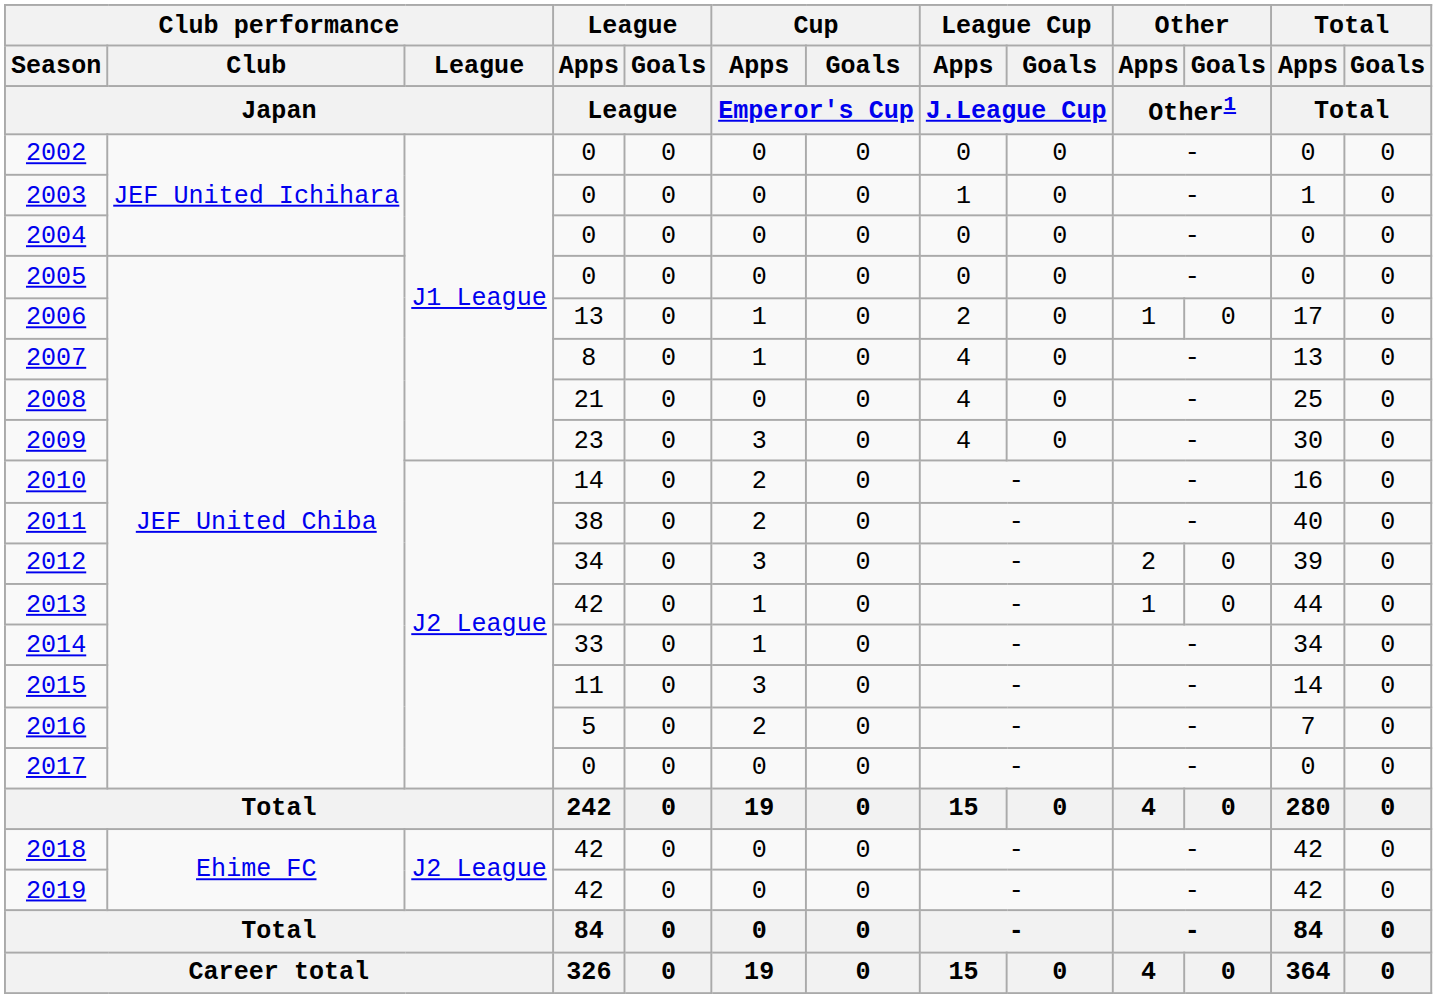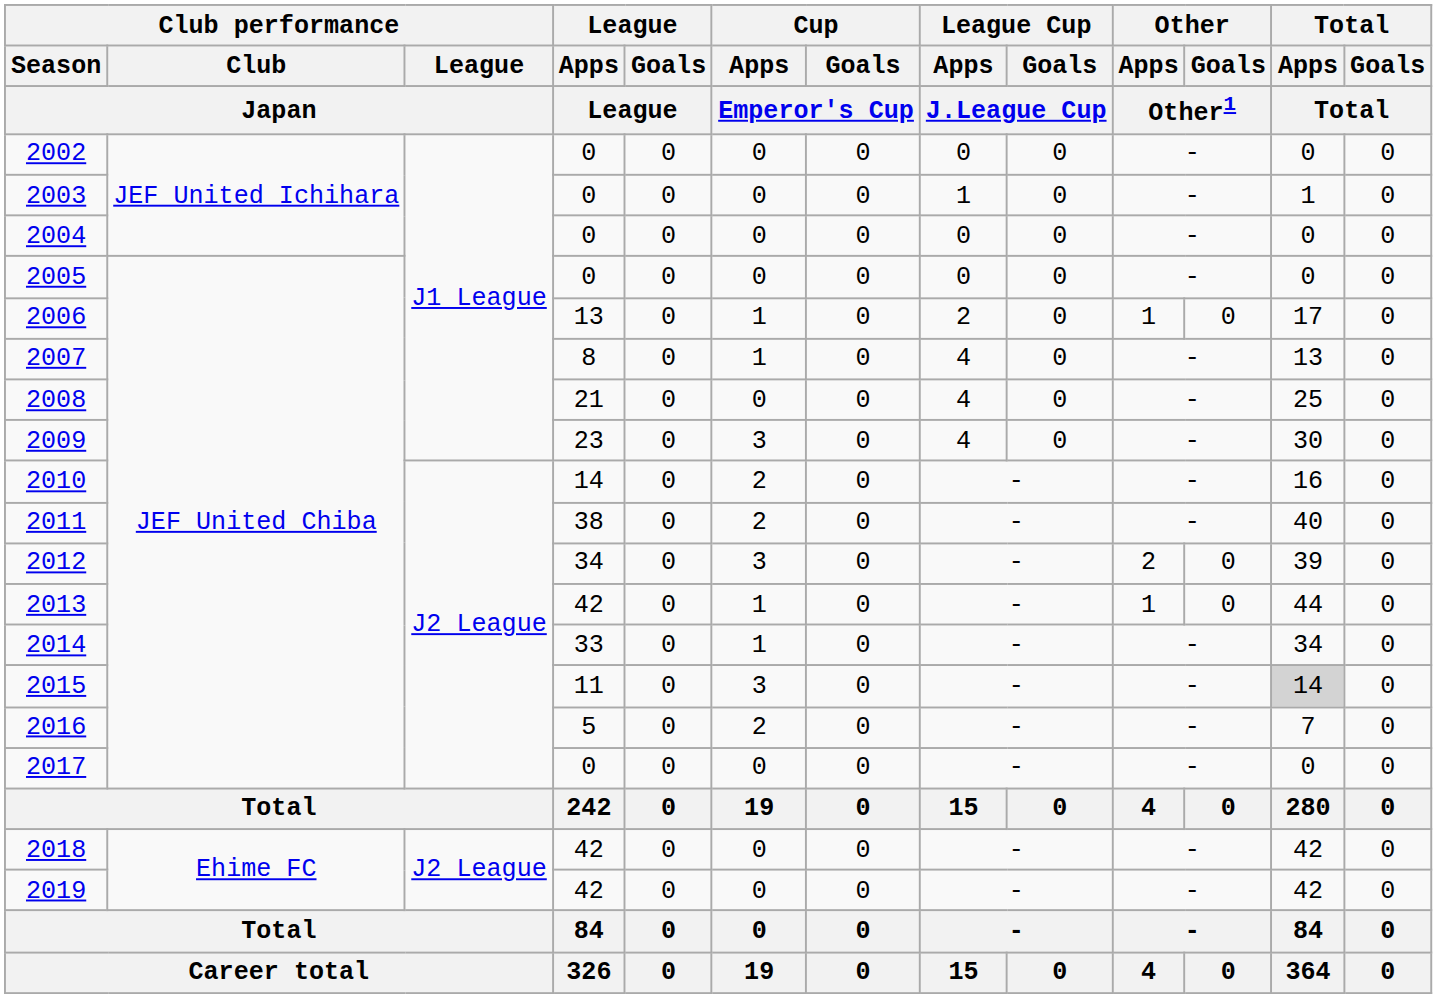 <table class="wikitable" style="text-align:center;">
 <tr>
 <th colspan=3>Club performance</th>
 <th colspan=2>League</th>
 <th colspan=2>Cup</th>
 <th colspan=2>League Cup</th>
 <th colspan=2>Other</th>
 <th colspan=2>Total</th>
 </tr>
 <tr>
 <th>Season</th>
 <th>Club</th>
 <th>League</th>
 <th>Apps</th>
 <th>Goals</th>
 <th>Apps</th>
 <th>Goals</th>
 <th>Apps</th>
 <th>Goals</th>
 <th>Apps</th>
 <th>Goals</th>
 <th>Apps</th>
 <th>Goals</th>
 </tr>
 <tr>
 <th colspan=3>Japan</th>
 <th colspan=2>League</th>
 <th colspan=2><a href='#'>Emperor's Cup</a></th>
 <th colspan=2><a href='#'>J.League Cup</a></th>
 <th colspan="2">Other<sup><a href='#'>1</a></sup></th>
 <th colspan=2>Total</th>
 </tr>
 <tr>
 <td><a href='#'>2002</a></td>
 <td rowspan="3"><a href='#'>JEF United Ichihara</a></td>
 <td rowspan="8"><a href='#'>J1 League</a></td>
 <td>0</td>
 <td>0</td>
 <td>0</td>
 <td>0</td>
 <td>0</td>
 <td>0</td>
 <td colspan="2">-</td>
 <td>0</td>
 <td>0</td>
 </tr>
 <tr>
 <td><a href='#'>2003</a></td>
 <td>0</td>
 <td>0</td>
 <td>0</td>
 <td>0</td>
 <td>1</td>
 <td>0</td>
 <td colspan="2">-</td>
 <td>1</td>
 <td>0</td>
 </tr>
 <tr>
 <td><a href='#'>2004</a></td>
 <td>0</td>
 <td>0</td>
 <td>0</td>
 <td>0</td>
 <td>0</td>
 <td>0</td>
 <td colspan="2">-</td>
 <td>0</td>
 <td>0</td>
 </tr>
 <tr>
 <td><a href='#'>2005</a></td>
 <td rowspan="13"><a href='#'>JEF United Chiba</a></td>
 <td>0</td>
 <td>0</td>
 <td>0</td>
 <td>0</td>
 <td>0</td>
 <td>0</td>
 <td colspan="2">-</td>
 <td>0</td>
 <td>0</td>
 </tr>
 <tr>
 <td><a href='#'>2006</a></td>
 <td>13</td>
 <td>0</td>
 <td>1</td>
 <td>0</td>
 <td>2</td>
 <td>0</td>
 <td>1</td>
 <td>0</td>
 <td>17</td>
 <td>0</td>
 </tr>
 <tr>
 <td><a href='#'>2007</a></td>
 <td>8</td>
 <td>0</td>
 <td>1</td>
 <td>0</td>
 <td>4</td>
 <td>0</td>
 <td colspan="2">-</td>
 <td>13</td>
 <td>0</td>
 </tr>
 <tr>
 <td><a href='#'>2008</a></td>
 <td>21</td>
 <td>0</td>
 <td>0</td>
 <td>0</td>
 <td>4</td>
 <td>0</td>
 <td colspan="2">-</td>
 <td>25</td>
 <td>0</td>
 </tr>
 <tr>
 <td><a href='#'>2009</a></td>
 <td>23</td>
 <td>0</td>
 <td>3</td>
 <td>0</td>
 <td>4</td>
 <td>0</td>
 <td colspan="2">-</td>
 <td>30</td>
 <td>0</td>
 </tr>
 <tr>
 <td><a href='#'>2010</a></td>
 <td rowspan="8"><a href='#'>J2 League</a></td>
 <td>14</td>
 <td>0</td>
 <td>2</td>
 <td>0</td>
 <td colspan="2">-</td>
 <td colspan="2">-</td>
 <td>16</td>
 <td>0</td>
 </tr>
 <tr>
 <td><a href='#'>2011</a></td>
 <td>38</td>
 <td>0</td>
 <td>2</td>
 <td>0</td>
 <td colspan="2">-</td>
 <td colspan="2">-</td>
 <td>40</td>
 <td>0</td>
 </tr>
 <tr>
 <td><a href='#'>2012</a></td>
 <td>34</td>
 <td>0</td>
 <td>3</td>
 <td>0</td>
 <td colspan="2">-</td>
 <td>2</td>
 <td>0</td>
 <td>39</td>
 <td>0</td>
 </tr>
 <tr>
 <td><a href='#'>2013</a></td>
 <td>42</td>
 <td>0</td>
 <td>1</td>
 <td>0</td>
 <td colspan="2">-</td>
 <td>1</td>
 <td>0</td>
 <td>44</td>
 <td>0</td>
 </tr>
 <tr>
 <td><a href='#'>2014</a></td>
 <td>33</td>
 <td>0</td>
 <td>1</td>
 <td>0</td>
 <td colspan="2">-</td>
 <td colspan="2">-</td>
 <td>34</td>
 <td>0</td>
 </tr>
 <tr>
 <td><a href='#'>2015</a></td>
 <td>11</td>
 <td>0</td>
 <td>3</td>
 <td>0</td>
 <td colspan="2">-</td>
 <td colspan="2">-</td>
-<td>14</td>
+<td style="background: lightgrey;">14</td>
 <td>0</td>
 </tr>
 <tr>
 <td><a href='#'>2016</a></td>
 <td>5</td>
 <td>0</td>
 <td>2</td>
 <td>0</td>
 <td colspan="2">-</td>
 <td colspan="2">-</td>
 <td>7</td>
 <td>0</td>
 </tr>
 <tr>
 <td><a href='#'>2017</a></td>
 <td>0</td>
 <td>0</td>
 <td>0</td>
 <td>0</td>
 <td colspan="2">-</td>
 <td colspan="2">-</td>
 <td>0</td>
 <td>0</td>
 </tr>
 <tr>
 <th colspan="3">Total</th>
 <th>242</th>
 <th>0</th>
 <th>19</th>
 <th>0</th>
 <th>15</th>
 <th>0</th>
 <th>4</th>
 <th>0</th>
 <th>280</th>
 <th>0</th>
 </tr>
 <tr>
 <td><a href='#'>2018</a></td>
 <td rowspan="2"><a href='#'>Ehime FC</a></td>
 <td rowspan="2"><a href='#'>J2 League</a></td>
 <td>42</td>
 <td>0</td>
 <td>0</td>
 <td>0</td>
 <td colspan="2">-</td>
 <td colspan="2">-</td>
 <td>42</td>
 <td>0</td>
 </tr>
 <tr>
 <td><a href='#'>2019</a></td>
 <td>42</td>
 <td>0</td>
 <td>0</td>
 <td>0</td>
 <td colspan="2">-</td>
 <td colspan="2">-</td>
 <td>42</td>
 <td>0</td>
 </tr>
 <tr>
 <th colspan="3">Total</th>
 <th>84</th>
 <th>0</th>
 <th>0</th>
 <th>0</th>
 <th colspan="2">-</th>
 <th colspan="2">-</th>
 <th>84</th>
 <th>0</th>
 </tr>
 <tr>
 <th colspan=3>Career total</th>
 <th>326</th>
 <th>0</th>
 <th>19</th>
 <th>0</th>
 <th>15</th>
 <th>0</th>
 <th>4</th>
 <th>0</th>
 <th>364</th>
 <th>0</th>
 </tr>
 </table>
